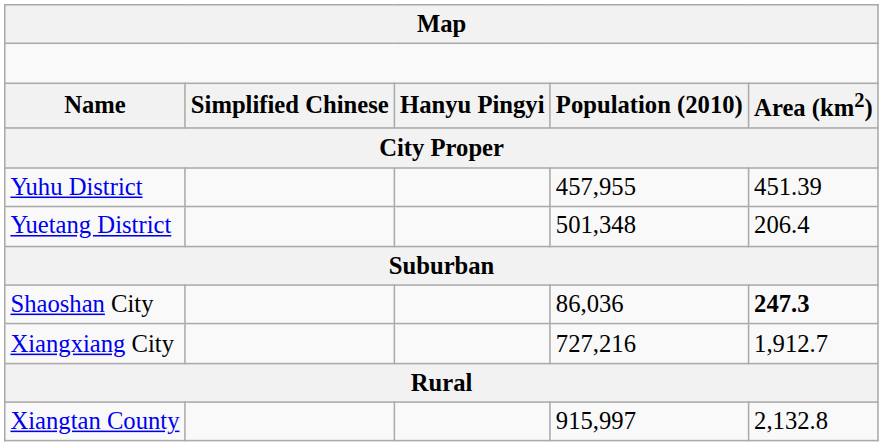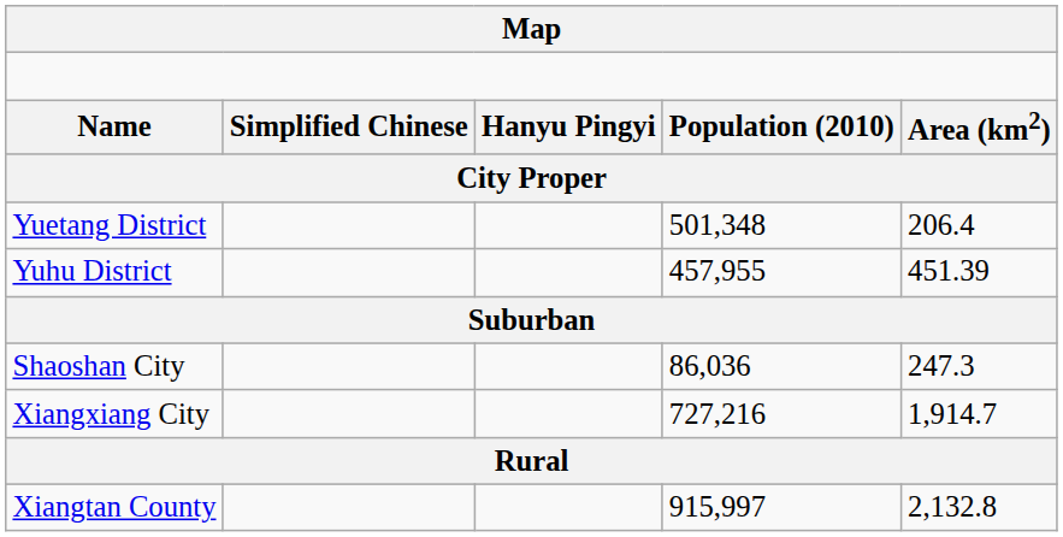 <table class="wikitable">
 <tr>
 <th colspan="5">Map</th>
 </tr>
 <tr>
 <td colspan="5"><div><br>        </div></td>
 </tr>
 <tr>
 <th><strong>Name</strong></th>
 <th><strong>Simplified Chinese</strong></th>
 <th><strong>Hanyu Pingyi</strong></th>
 <th><strong>Population (2010)</strong></th>
 <th><strong>Area (km<sup>2</sup>)</strong></th>
 </tr>
 <tr>
 <th colspan="5">City Proper</th>
 </tr>
 <tr>
+<td><a href='#'>Yuetang District</a></td>
+<td></td>
+<td></td>
+<td>501,348</td>
+<td>206.4</td>
+</tr>
+<tr>
 <td><a href='#'>Yuhu District</a></td>
 <td></td>
 <td></td>
 <td>457,955</td>
 <td>451.39</td>
-</tr>
-<tr>
-<td><a href='#'>Yuetang District</a></td>
-<td></td>
-<td></td>
-<td>501,348</td>
-<td>206.4</td>
 </tr>
 <tr>
 <th colspan="5">Suburban</th>
 </tr>
 <tr>
 <td><a href='#'>Shaoshan</a> City</td>
 <td></td>
 <td></td>
 <td>86,036</td>
-<td><strong>247.3</strong></td>
+<td>247.3</td>
 </tr>
 <tr>
 <td><a href='#'>Xiangxiang</a> City</td>
 <td></td>
 <td></td>
 <td>727,216</td>
-<td>1,912.7</td>
+<td>1,914.7</td>
 </tr>
 <tr>
 <th colspan="5">Rural</th>
 </tr>
 <tr>
 <td><a href='#'>Xiangtan County</a></td>
 <td></td>
 <td></td>
 <td>915,997</td>
 <td>2,132.8</td>
 </tr>
 </table>
